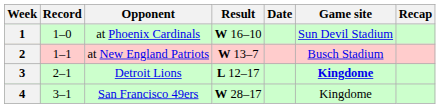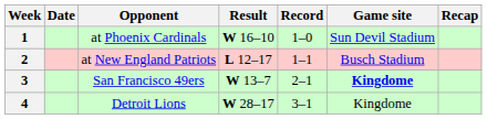 <table class="wikitable" style="text-align:center">
 <tr>
 <th>Week</th>
-<th>Record</th>
+<th>Date</th>
 <th>Opponent</th>
 <th>Result</th>
-<th>Date</th>
+<th>Record</th>
 <th>Game site</th>
 <th>Recap</th>
 </tr>
 <tr style="background:#cfc">
 <th>1</th>
-<td>1–0</td>
+<td></td>
 <td>at <a href='#'>Phoenix Cardinals</a></td>
 <td><strong>W</strong> 16–10 </td>
-<td></td>
+<td>1–0</td>
 <td><a href='#'>Sun Devil Stadium</a></td>
 <td></td>
 </tr>
 <tr style="background:#fcc">
 <th>2</th>
+<td></td>
+<td>at <a href='#'>New England Patriots</a></td>
+<td><strong>L</strong> 12–17</td>
 <td>1–1</td>
-<td>at <a href='#'>New England Patriots</a></td>
-<td><strong>W</strong> 13–7</td>
-<td></td>
 <td><a href='#'>Busch Stadium</a></td>
 <td></td>
 </tr>
 <tr style="background:#cfc">
 <th>3</th>
+<td></td>
+<td><a href='#'>San Francisco 49ers</a></td>
+<td><strong>W</strong> 13–7</td>
 <td>2–1</td>
-<td><a href='#'>Detroit Lions</a></td>
-<td><strong>L</strong> 12–17</td>
-<td></td>
 <td><strong><a href='#'>Kingdome</a></strong></td>
 <td></td>
 </tr>
 <tr style="background:#cfc">
 <th>4</th>
+<td></td>
+<td><a href='#'>Detroit Lions</a></td>
+<td><strong>W</strong> 28–17</td>
 <td>3–1</td>
-<td><a href='#'>San Francisco 49ers</a></td>
-<td><strong>W</strong> 28–17</td>
-<td></td>
 <td>Kingdome</td>
 <td></td>
 </tr>
 </table>
